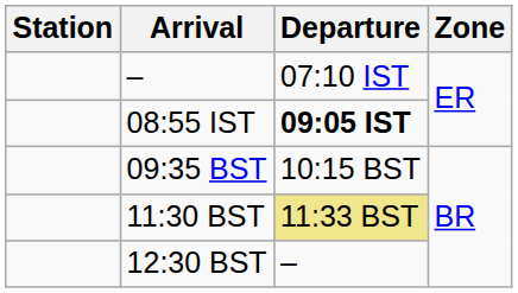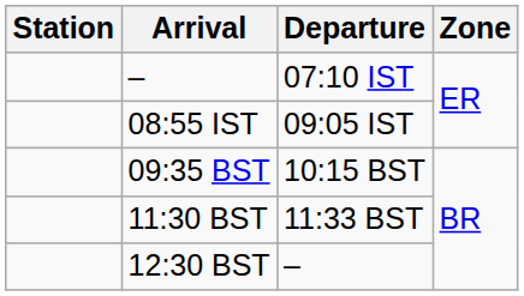 <table class="wikitable">
 <tr>
 <th>Station</th>
 <th>Arrival</th>
 <th>Departure</th>
 <th>Zone</th>
 </tr>
 <tr>
 <td></td>
 <td>–</td>
 <td>07:10 <a href='#'>IST</a></td>
 <td rowspan=2><a href='#'>ER</a></td>
 </tr>
 <tr>
 <td></td>
 <td>08:55 IST</td>
-<td><strong>09:05 IST</strong></td>
+<td>09:05 IST</td>
 </tr>
 <tr>
 <td></td>
 <td>09:35 <a href='#'>BST</a></td>
 <td>10:15 BST</td>
 <td rowspan=3><a href='#'>BR</a></td>
 </tr>
 <tr>
 <td></td>
 <td>11:30 BST</td>
-<td style="background: khaki;">11:33 BST</td>
+<td>11:33 BST</td>
 </tr>
 <tr>
 <td></td>
 <td>12:30 BST</td>
 <td>–</td>
 </tr>
 </table>
